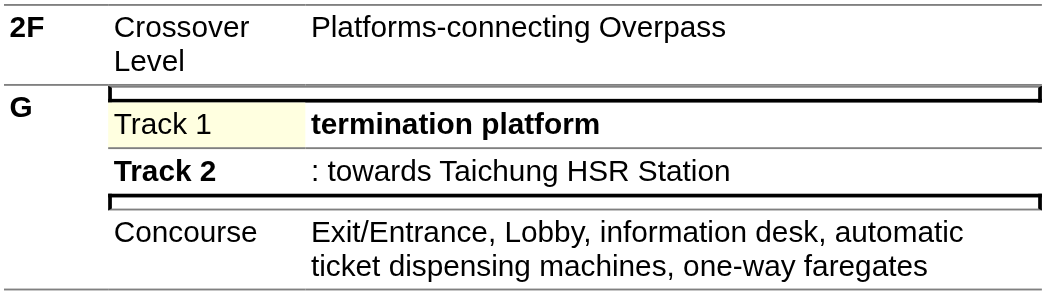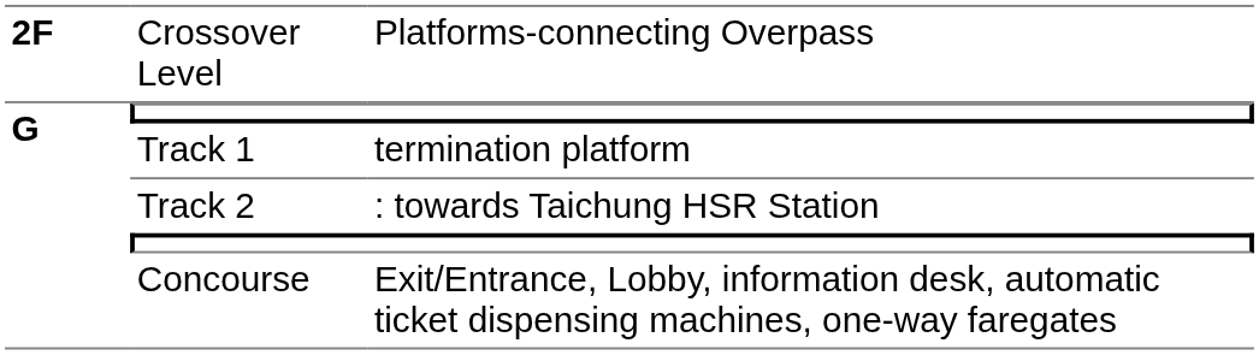 <table table border=0 cellspacing=0 cellpadding=3>
 <tr>
 <td style="border-bottom:solid 1px gray;border-top:solid 1px gray;" width=50 valign=top><strong>2F</strong></td>
 <td style="border-top:solid 1px gray;border-bottom:solid 1px gray;" width=100 valign=top>Crossover Level</td>
 <td style="border-top:solid 1px gray;border-bottom:solid 1px gray;" width=390 valign=top>Platforms-connecting Overpass</td>
 </tr>
 <tr>
 <td style="border-bottom:solid 1px gray;" width=50 rowspan=8 valign=top><strong>G</strong></td>
 </tr>
 <tr>
 <td style="border-right:solid 2px black;border-left:solid 2px black;border-bottom:solid 2px black;border-top:solid 1px gray;" colspan=2></td>
 </tr>
 <tr>
-<td style="background: lightyellow; border-bottom:solid 1px gray;" width=100><span>Track 1</span></td>
-<td style="border-bottom:solid 1px gray;" width=390><strong>   termination platform</strong></td>
+<td style="border-bottom:solid 1px gray;" width=100><span>Track 1</span></td>
+<td style="border-bottom:solid 1px gray;" width=390>   termination platform</td>
 </tr>
 <tr>
-<td><strong><span>Track 2</span></strong></td>
+<td><span>Track 2</span></td>
 <td>  : towards Taichung HSR Station </td>
 </tr>
 <tr>
 <td style="border-top:solid 2px black;border-right:solid 2px black;border-left:solid 2px black;border-bottom:solid 1px gray;" colspan=2></td>
 </tr>
 <tr>
 <td style="border-bottom:solid 1px gray;" valign=top>Concourse</td>
 <td style="border-bottom:solid 1px gray;">Exit/Entrance, Lobby, information desk, automatic ticket dispensing machines, one-way faregates</td>
 </tr>
 </table>
